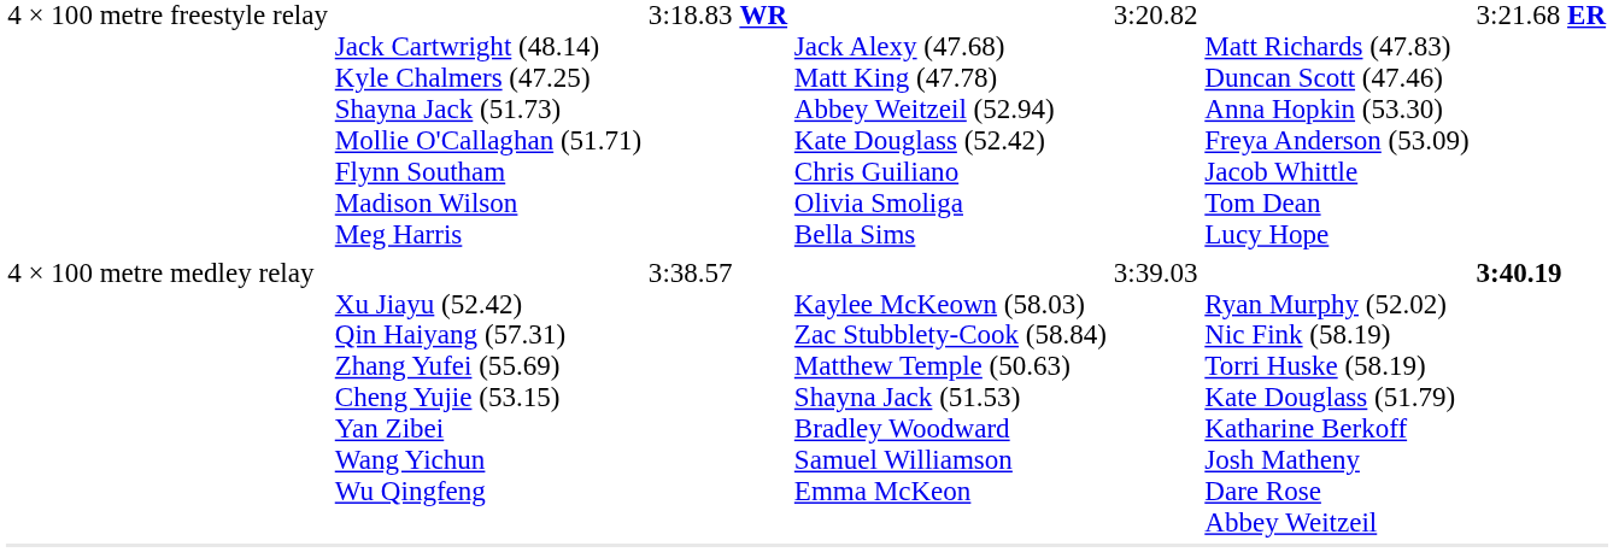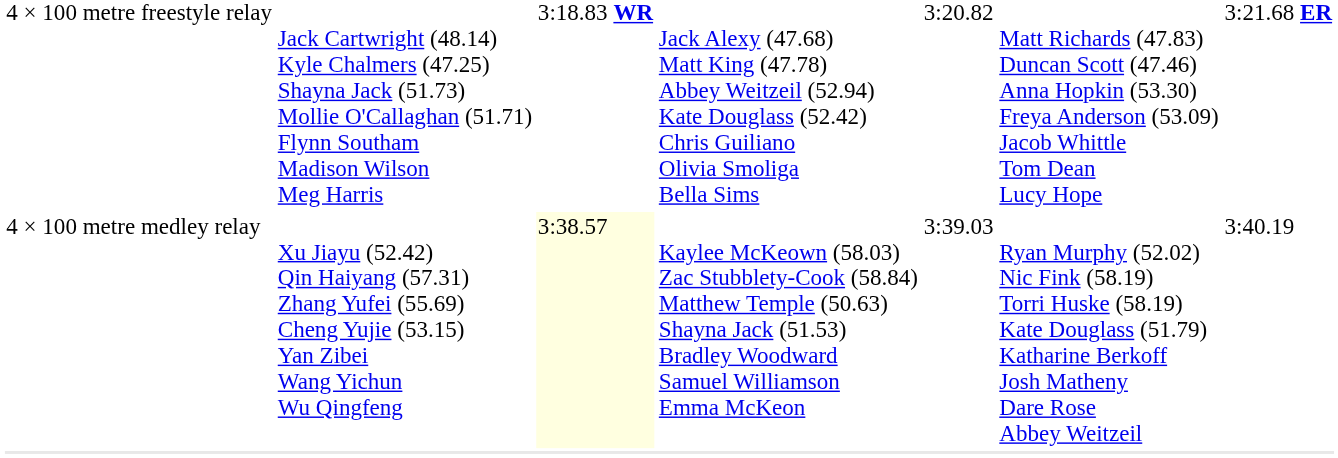 <table>
 <tr valign="top">
 <td>4 × 100 metre freestyle relay<br></td>
 <td><br><a href='#'>Jack Cartwright</a> (48.14)<br><a href='#'>Kyle Chalmers</a> (47.25)<br><a href='#'>Shayna Jack</a> (51.73)<br><a href='#'>Mollie O'Callaghan</a> (51.71)<br><a href='#'>Flynn Southam</a><br><a href='#'>Madison Wilson</a><br><a href='#'>Meg Harris</a></td>
 <td>3:18.83 <strong><a href='#'>WR</a></strong></td>
 <td><br><a href='#'>Jack Alexy</a> (47.68)<br><a href='#'>Matt King</a> (47.78)<br><a href='#'>Abbey Weitzeil</a> (52.94)<br><a href='#'>Kate Douglass</a> (52.42)<br><a href='#'>Chris Guiliano</a><br><a href='#'>Olivia Smoliga</a><br><a href='#'>Bella Sims</a></td>
 <td>3:20.82</td>
 <td><br><a href='#'>Matt Richards</a> (47.83)<br><a href='#'>Duncan Scott</a> (47.46)<br><a href='#'>Anna Hopkin</a> (53.30)<br><a href='#'>Freya Anderson</a> (53.09)<br><a href='#'>Jacob Whittle</a><br><a href='#'>Tom Dean</a><br><a href='#'>Lucy Hope</a></td>
 <td>3:21.68 <strong><a href='#'>ER</a></strong></td>
 </tr>
 <tr valign="top">
 <td>4 × 100 metre medley relay<br></td>
 <td><br><a href='#'>Xu Jiayu</a> (52.42)<br><a href='#'>Qin Haiyang</a> (57.31)<br><a href='#'>Zhang Yufei</a> (55.69)<br><a href='#'>Cheng Yujie</a> (53.15)<br><a href='#'>Yan Zibei</a><br><a href='#'>Wang Yichun</a><br><a href='#'>Wu Qingfeng</a></td>
-<td>3:38.57</td>
+<td style="background: lightyellow;">3:38.57</td>
 <td><br><a href='#'>Kaylee McKeown</a> (58.03)<br><a href='#'>Zac Stubblety-Cook</a> (58.84)<br><a href='#'>Matthew Temple</a> (50.63)<br><a href='#'>Shayna Jack</a> (51.53)<br><a href='#'>Bradley Woodward</a><br><a href='#'>Samuel Williamson</a><br><a href='#'>Emma McKeon</a></td>
 <td>3:39.03</td>
 <td><br><a href='#'>Ryan Murphy</a> (52.02)<br><a href='#'>Nic Fink</a> (58.19)<br><a href='#'>Torri Huske</a> (58.19)<br><a href='#'>Kate Douglass</a> (51.79)<br><a href='#'>Katharine Berkoff</a><br><a href='#'>Josh Matheny</a><br><a href='#'>Dare Rose</a><br><a href='#'>Abbey Weitzeil</a></td>
-<td><strong>3:40.19</strong></td>
+<td>3:40.19</td>
 </tr>
 <tr bgcolor= e8e8e8>
 <td colspan=7></td>
 </tr>
 </table>
